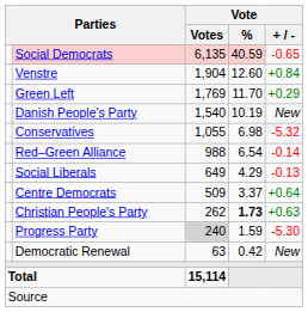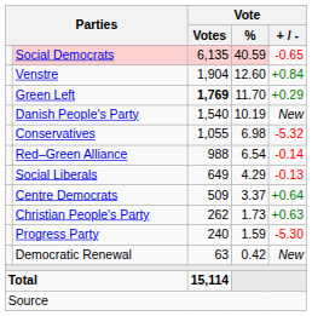 <table class="wikitable" style="text-align:right;">
 <tr>
 <th style="text-align:centre;" rowspan="2" colspan="2" width="225">Parties</th>
 <th colspan="3">Vote</th>
 </tr>
 <tr>
 <th width="15">Votes</th>
 <th width="15">%</th>
 <th width="15">+ / -</th>
 </tr>
 <tr>
 <td width="2" style="color:inherit;background:"></td>
 <td bgcolor=#fbd0ce  align="left"><a href='#'>Social Democrats</a></td>
 <td bgcolor=#fbd0ce>6,135</td>
 <td bgcolor=#fbd0ce>40.59</td>
 <td style=color:red;>-0.65</td>
 </tr>
 <tr>
 <td width="2" style="color:inherit;background:"></td>
 <td align="left"><a href='#'>Venstre</a></td>
 <td>1,904</td>
 <td>12.60</td>
 <td style=color:green;>+0.84</td>
 </tr>
 <tr>
 <td width="2" style="color:inherit;background:"></td>
 <td align="left"><a href='#'>Green Left</a></td>
-<td>1,769</td>
+<td><strong>1,769</strong></td>
 <td>11.70</td>
 <td style=color:green;>+0.29</td>
 </tr>
 <tr>
 <td width="2" style="color:inherit;background:"></td>
 <td align="left"><a href='#'>Danish People's Party</a></td>
 <td>1,540</td>
 <td>10.19</td>
 <td><em>New</em></td>
 </tr>
 <tr>
 <td width="2" style="color:inherit;background:"></td>
 <td align="left"><a href='#'>Conservatives</a></td>
 <td>1,055</td>
 <td>6.98</td>
 <td style=color:red;>-5.32</td>
 </tr>
 <tr>
 <td width="2" style="color:inherit;background:"></td>
 <td align="left"><a href='#'>Red–Green Alliance</a></td>
 <td>988</td>
 <td>6.54</td>
 <td style=color:red;>-0.14</td>
 </tr>
 <tr>
 <td width="2" style="color:inherit;background:"></td>
 <td align="left"><a href='#'>Social Liberals</a></td>
 <td>649</td>
 <td>4.29</td>
 <td style=color:red;>-0.13</td>
 </tr>
 <tr>
 <td width="2" style="color:inherit;background:"></td>
 <td align="left"><a href='#'>Centre Democrats</a></td>
 <td>509</td>
 <td>3.37</td>
 <td style=color:green;>+0.64</td>
 </tr>
 <tr>
 <td width="2" style="color:inherit;background:"></td>
 <td align="left"><a href='#'>Christian People's Party</a></td>
 <td>262</td>
-<td><strong>1.73</strong></td>
+<td>1.73</td>
 <td style=color:green;>+0.63</td>
 </tr>
 <tr>
 <td width="2" style="color:inherit;background:"></td>
 <td align="left"><a href='#'>Progress Party</a></td>
-<td style="background: lightgrey;">240</td>
+<td>240</td>
 <td>1.59</td>
 <td style=color:red;>-5.30</td>
 </tr>
 <tr>
 <td width="2" style="color:inherit;background:"></td>
 <td align="left">Democratic Renewal</td>
 <td>63</td>
 <td>0.42</td>
 <td><em>New</em></td>
 </tr>
 <tr>
 <td colspan="7" bgcolor="#E9E9E9"></td>
 </tr>
 <tr>
 <td align="left" colspan="2"><strong>Total</strong></td>
 <td><strong>15,114</strong></td>
 <td bgcolor="#E9E9E9" colspan="2"></td>
 </tr>
 <tr>
 <td align="left" colspan="6">Source</td>
 </tr>
 </table>
